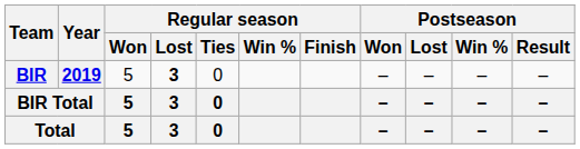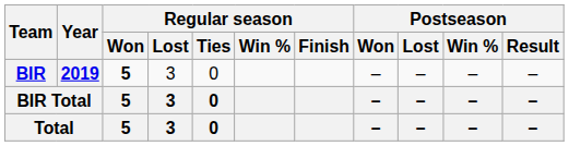 <table class="wikitable" style="font-size: 95%; text-align:center;">
 <tr>
 <th rowspan="2">Team</th>
 <th rowspan="2">Year</th>
 <th colspan="5">Regular season</th>
 <th colspan="4">Postseason</th>
 </tr>
 <tr>
 <th>Won</th>
 <th>Lost</th>
 <th>Ties</th>
 <th>Win %</th>
 <th>Finish</th>
 <th>Won</th>
 <th>Lost</th>
 <th>Win %</th>
 <th>Result</th>
 </tr>
 <tr>
 <th><a href='#'>BIR</a></th>
 <th><a href='#'>2019</a></th>
-<td>5</td>
-<td><strong>3</strong></td>
+<td><strong>5</strong></td>
+<td>3</td>
 <td>0</td>
 <td></td>
 <td></td>
 <td>–</td>
 <td>–</td>
 <td>–</td>
 <td>–</td>
 </tr>
 <tr>
 <th colspan="2">BIR Total</th>
 <th>5</th>
 <th>3</th>
 <th>0</th>
 <th></th>
 <th></th>
 <th>–</th>
 <th>–</th>
 <th>–</th>
 <th>–</th>
 </tr>
 <tr>
 <th colspan="2">Total</th>
 <th>5</th>
 <th>3</th>
 <th>0</th>
 <th></th>
 <th></th>
 <th>–</th>
 <th>–</th>
 <th>–</th>
 <th>–</th>
 </tr>
 </table>
